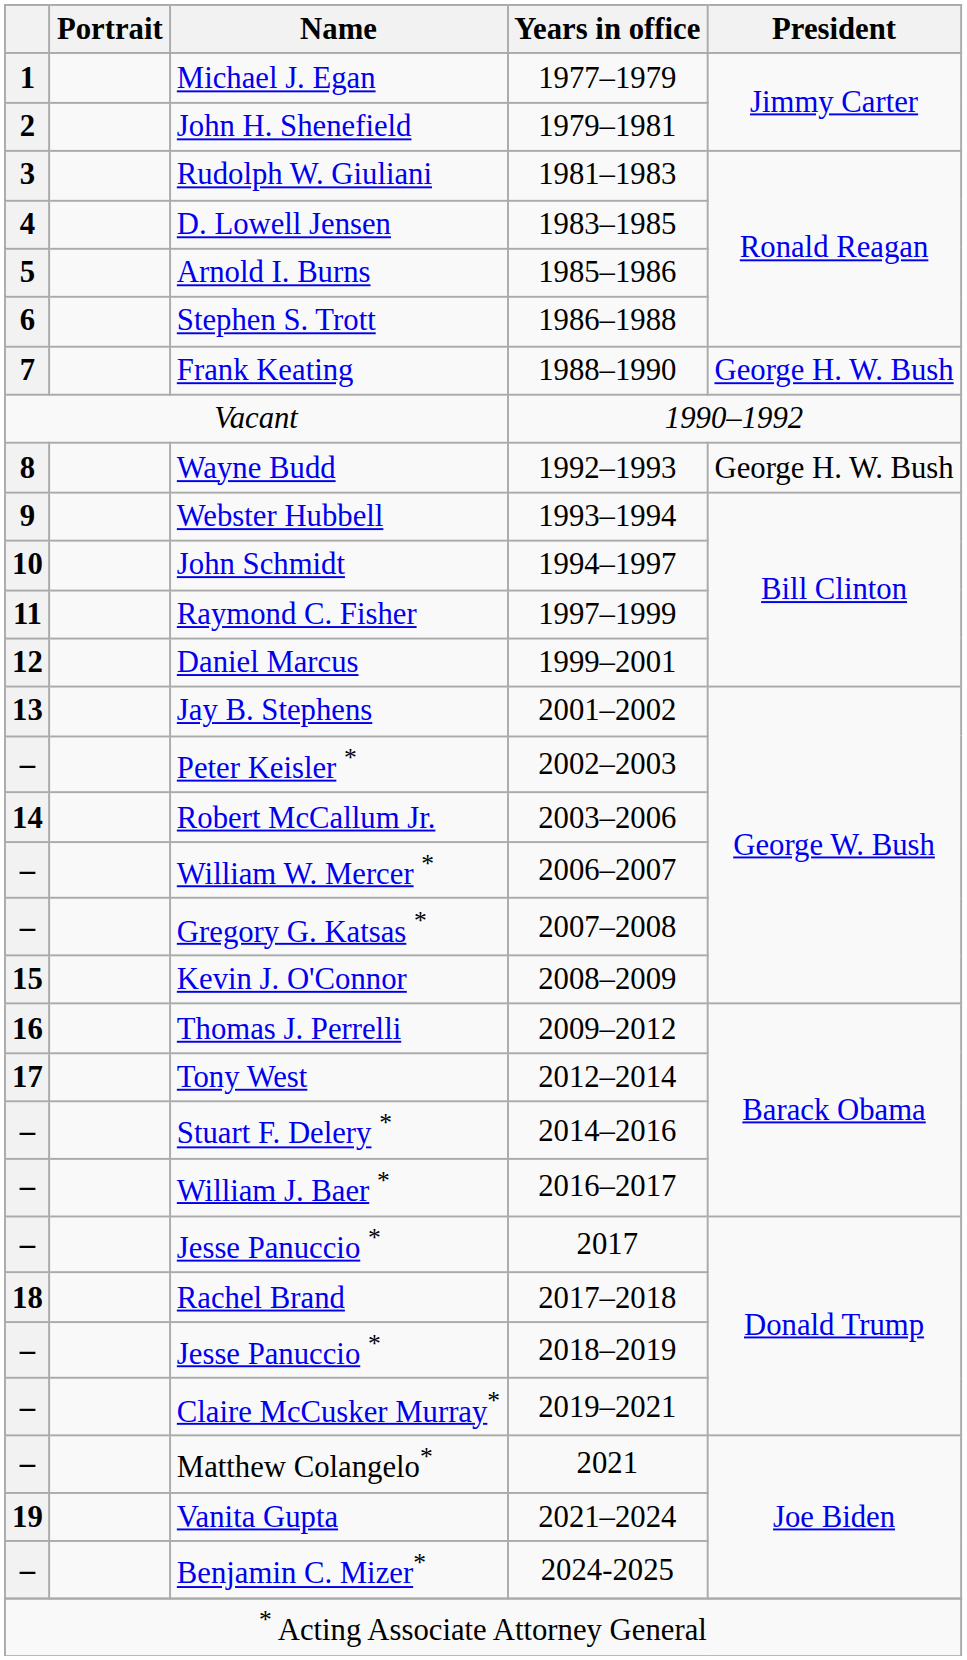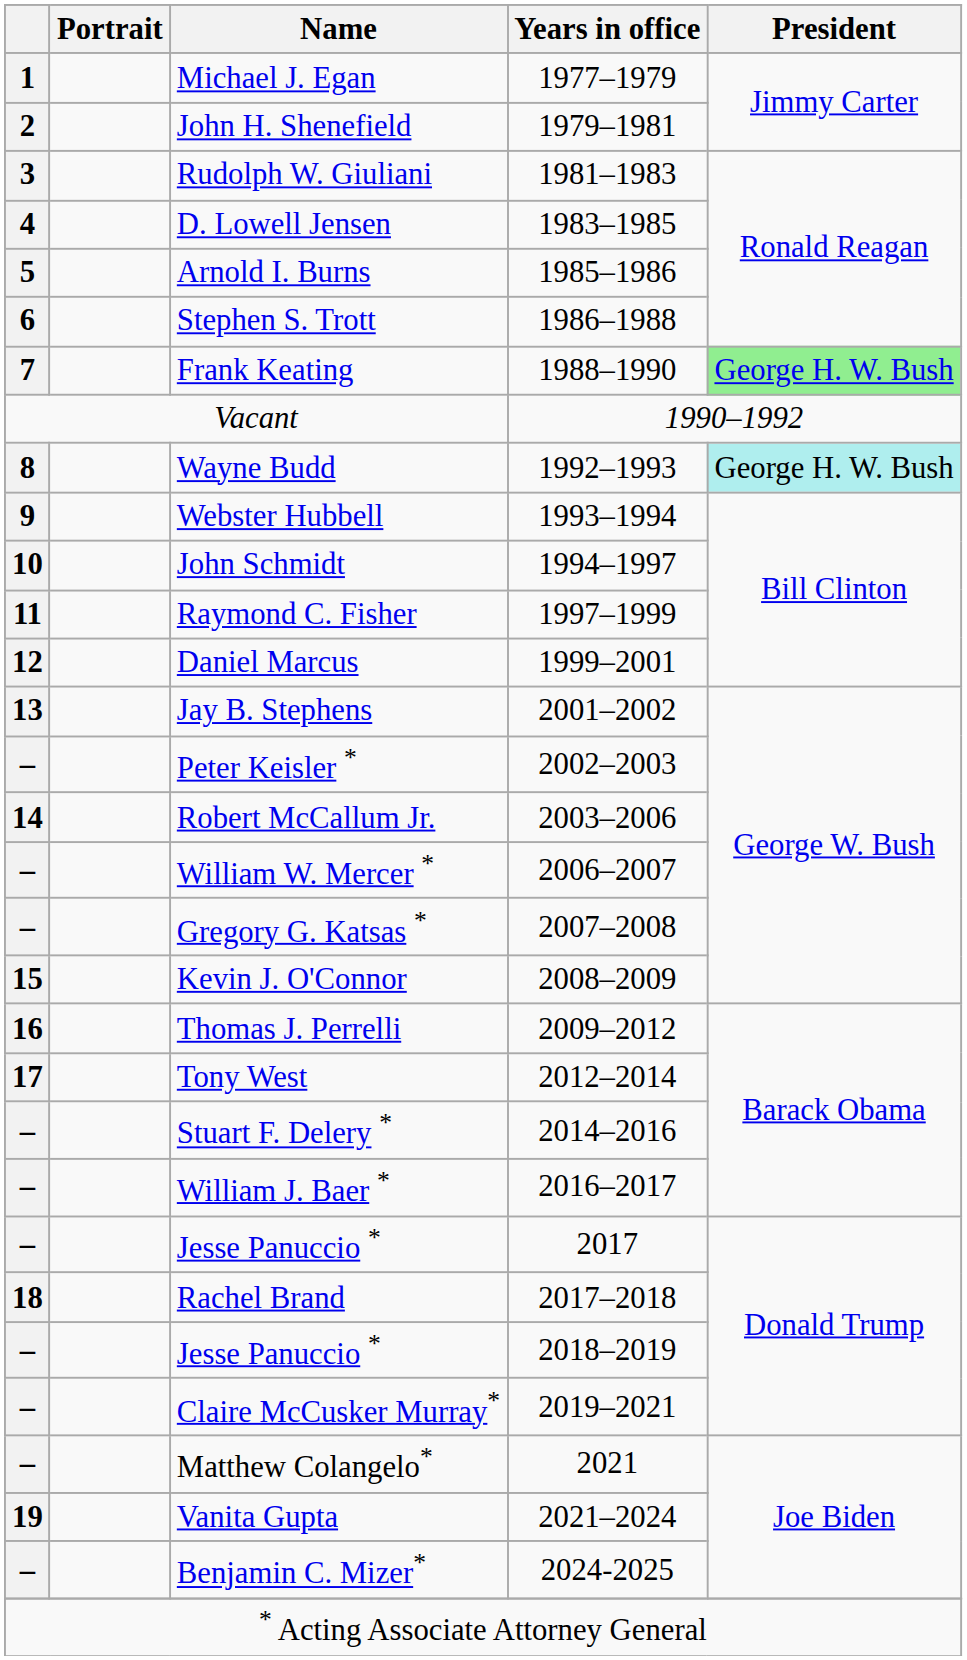 <table class="wikitable">
 <tr>
 <th></th>
 <th>Portrait</th>
 <th>Name</th>
 <th>Years in office</th>
 <th>President</th>
 </tr>
 <tr>
 <th>1</th>
 <td></td>
 <td><a href='#'>Michael J. Egan</a></td>
 <td align="center">1977–1979</td>
 <td rowspan=2 style="text-align:center"><a href='#'>Jimmy Carter</a></td>
 </tr>
 <tr>
 <th>2</th>
 <td></td>
 <td><a href='#'>John H. Shenefield</a></td>
 <td align="center">1979–1981</td>
 </tr>
 <tr>
 <th>3</th>
 <td></td>
 <td><a href='#'>Rudolph W. Giuliani</a></td>
 <td align="center">1981–1983</td>
 <td rowspan=4 style="text-align:center"><a href='#'>Ronald Reagan</a></td>
 </tr>
 <tr>
 <th>4</th>
 <td></td>
 <td><a href='#'>D. Lowell Jensen</a></td>
 <td align="center">1983–1985</td>
 </tr>
 <tr>
 <th>5</th>
 <td></td>
 <td><a href='#'>Arnold I. Burns</a></td>
 <td align="center">1985–1986</td>
 </tr>
 <tr gu>
 <th>6</th>
 <td></td>
 <td><a href='#'>Stephen S. Trott</a></td>
 <td align="center">1986–1988</td>
 </tr>
 <tr>
 <th>7</th>
 <td></td>
 <td><a href='#'>Frank Keating</a></td>
 <td align="center">1988–1990</td>
-<td align="center"><a href='#'>George H. W. Bush</a></td>
+<td align="center" style="background: lightgreen;"><a href='#'>George H. W. Bush</a></td>
 </tr>
 <tr>
 <td colspan="3" style="text-align:center"><em>Vacant</em></td>
 <td colspan="2" style="text-align:center"><em>1990–1992</em></td>
 </tr>
 <tr>
 <th>8</th>
 <td></td>
 <td><a href='#'>Wayne Budd</a></td>
 <td align="center">1992–1993</td>
-<td align="center">George H. W. Bush</td>
+<td align="center" style="background: paleturquoise;">George H. W. Bush</td>
 </tr>
 <tr>
 <th>9</th>
 <td></td>
 <td><a href='#'>Webster Hubbell</a></td>
 <td align="center">1993–1994</td>
 <td rowspan=4 style="text-align:center"><a href='#'>Bill Clinton</a></td>
 </tr>
 <tr>
 <th>10</th>
 <td></td>
 <td><a href='#'>John Schmidt</a></td>
 <td align="center">1994–1997</td>
 </tr>
 <tr>
 <th>11</th>
 <td></td>
 <td><a href='#'>Raymond C. Fisher</a></td>
 <td align="center">1997–1999</td>
 </tr>
 <tr>
 <th>12</th>
 <td></td>
 <td><a href='#'>Daniel Marcus</a></td>
 <td align="center">1999–2001</td>
 </tr>
 <tr>
 <th>13</th>
 <td></td>
 <td><a href='#'>Jay B. Stephens</a></td>
 <td align="center">2001–2002</td>
 <td rowspan=6 style="text-align:center"><a href='#'>George W. Bush</a></td>
 </tr>
 <tr>
 <th>–</th>
 <td></td>
 <td><a href='#'>Peter Keisler</a> <sup>*</sup></td>
 <td align="center">2002–2003</td>
 </tr>
 <tr>
 <th>14</th>
 <td></td>
 <td><a href='#'>Robert McCallum Jr.</a></td>
 <td align="center">2003–2006</td>
 </tr>
 <tr>
 <th>–</th>
 <td></td>
 <td><a href='#'>William W. Mercer</a> <sup>*</sup></td>
 <td align="center">2006–2007</td>
 </tr>
 <tr>
 <th>–</th>
 <td></td>
 <td><a href='#'>Gregory G. Katsas</a> <sup>*</sup></td>
 <td align="center">2007–2008</td>
 </tr>
 <tr>
 <th>15</th>
 <td></td>
 <td><a href='#'>Kevin J. O'Connor</a></td>
 <td align="center">2008–2009</td>
 </tr>
 <tr>
 <th>16</th>
 <td></td>
 <td><a href='#'>Thomas J. Perrelli</a></td>
 <td align="center">2009–2012</td>
 <td rowspan=4 style="text-align:center"><a href='#'>Barack Obama</a></td>
 </tr>
 <tr>
 <th>17</th>
 <td></td>
 <td><a href='#'>Tony West</a></td>
 <td align="center">2012–2014</td>
 </tr>
 <tr>
 <th>–</th>
 <td></td>
 <td><a href='#'>Stuart F. Delery</a> <sup>*</sup></td>
 <td align="center">2014–2016</td>
 </tr>
 <tr>
 <th>–</th>
 <td></td>
 <td><a href='#'>William J. Baer</a> <sup>*</sup></td>
 <td align="center">2016–2017</td>
 </tr>
 <tr>
 <th>–</th>
 <td></td>
 <td><a href='#'>Jesse Panuccio</a> <sup>*</sup></td>
 <td align="center">2017</td>
 <td rowspan="4" style="text-align:center"><a href='#'>Donald Trump</a></td>
 </tr>
 <tr>
 <th>18</th>
 <td></td>
 <td><a href='#'>Rachel Brand</a></td>
 <td align="center">2017–2018</td>
 </tr>
 <tr>
 <th>–</th>
 <td></td>
 <td><a href='#'>Jesse Panuccio</a> <sup>*</sup></td>
 <td align="center">2018–2019</td>
 </tr>
 <tr>
 <th>–</th>
 <td></td>
 <td><a href='#'>Claire McCusker Murray</a><sup>*</sup></td>
 <td align="center">2019–2021</td>
 </tr>
 <tr>
 <th>–</th>
 <td></td>
 <td>Matthew Colangelo<sup>*</sup></td>
 <td align="center">2021</td>
 <td rowspan="3" style="text-align:center"><a href='#'>Joe Biden</a></td>
 </tr>
 <tr>
 <th>19</th>
 <td></td>
 <td><a href='#'>Vanita Gupta</a></td>
 <td style="text-align:center">2021–2024</td>
 </tr>
 <tr>
 <th>–</th>
 <td></td>
 <td><a href='#'>Benjamin C. Mizer</a><sup>*</sup></td>
 <td align="center">2024-2025</td>
 </tr>
 <tr>
 </tr>
 <tr class="small">
 <td colspan="5" style="text-align:center"><sup>*</sup> Acting Associate Attorney General</td>
 </tr>
 </table>
